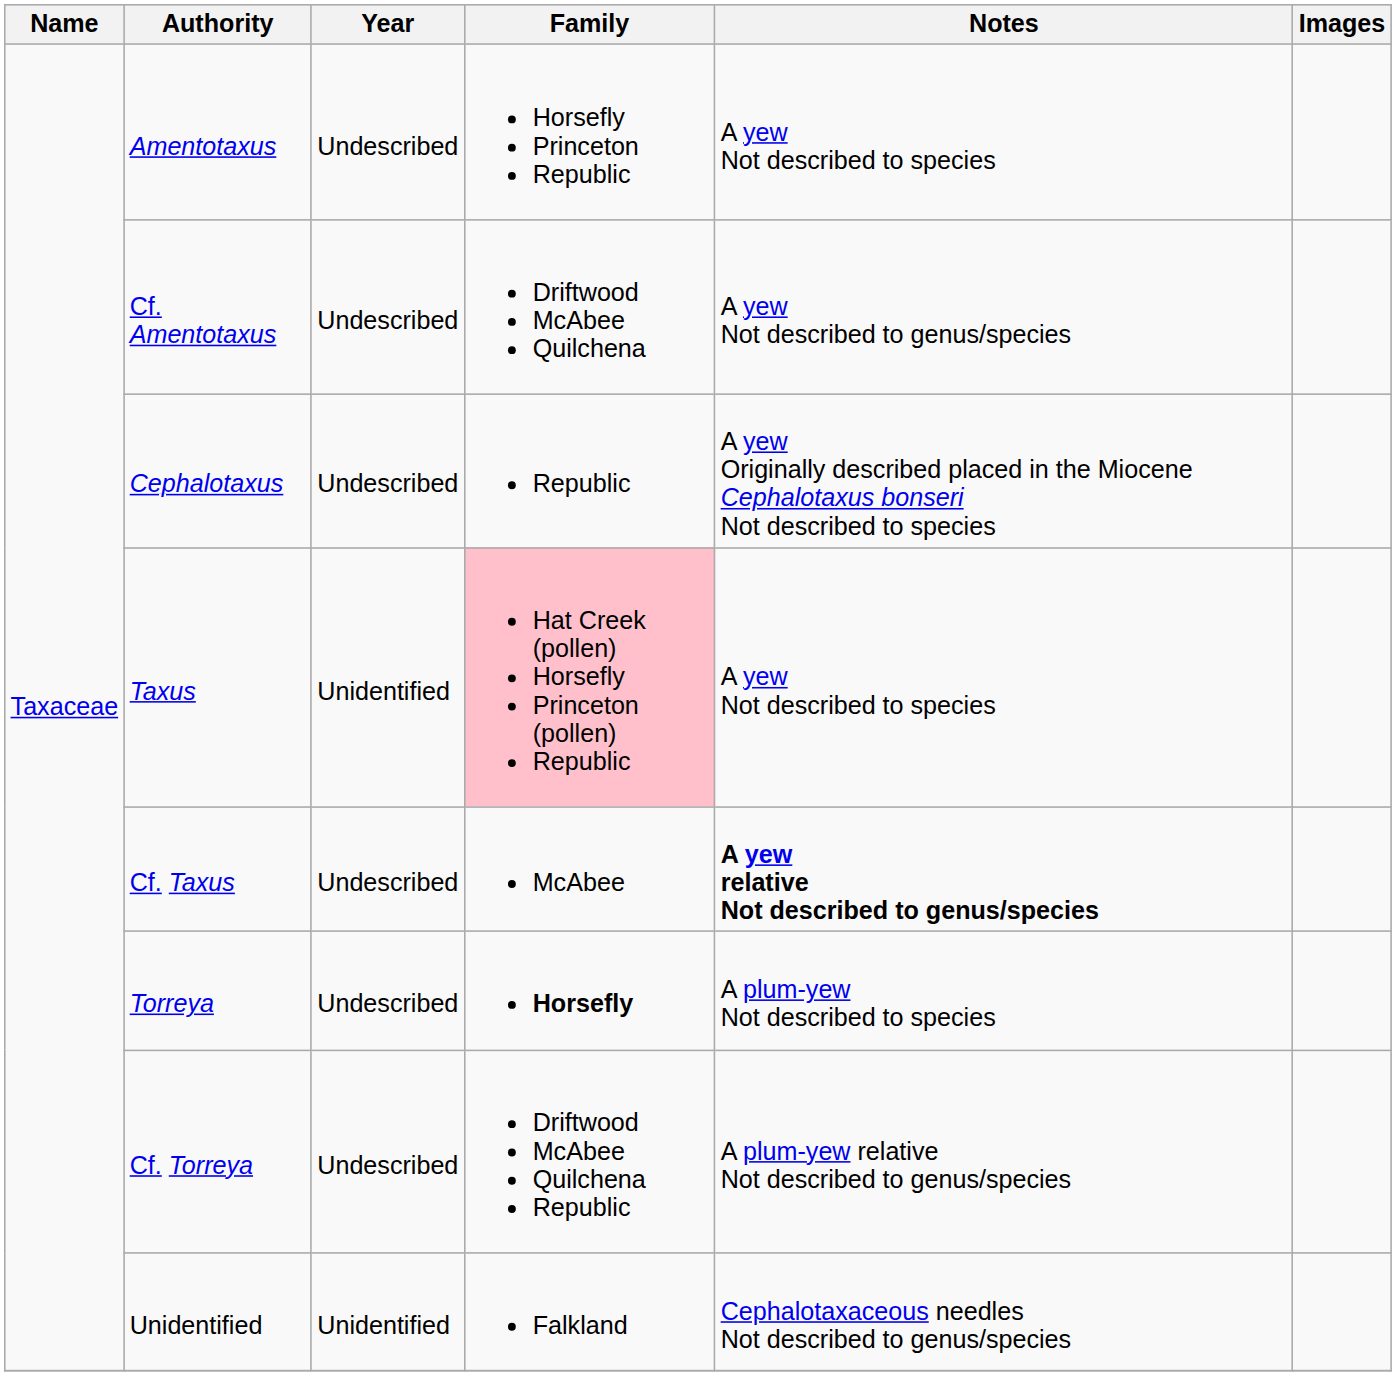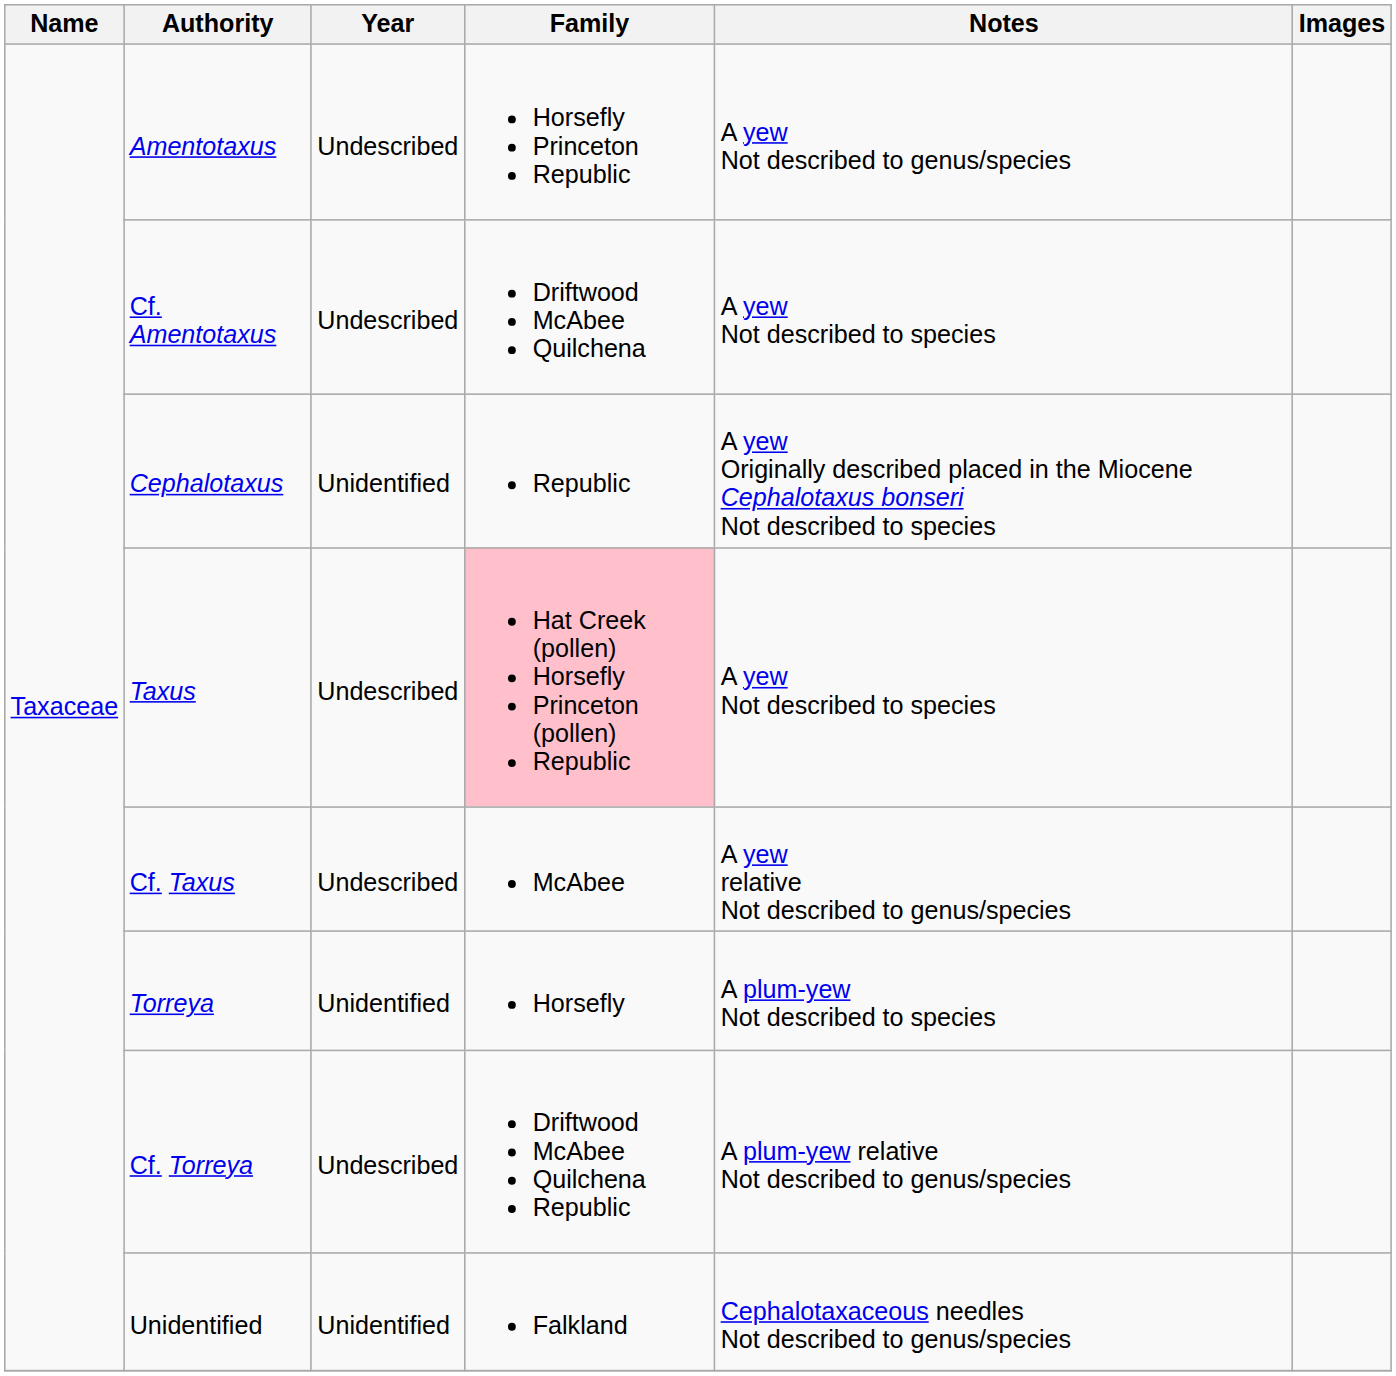 <table class="wikitable sortable"  style="margin:auto; width:100%;">
 <tr>
 <th>Name</th>
 <th>Authority</th>
 <th>Year</th>
 <th>Family</th>
 <th>Notes</th>
 <th>Images</th>
 </tr>
 <tr>
 <td rowspan=8><a href='#'>Taxaceae</a></td>
 <td><br><em><a href='#'>Amentotaxus</a></em></td>
 <td><br>Undescribed</td>
 <td><br><ul><li>Horsefly</li><li>Princeton</li><li>Republic</li></ul></td>
-<td><br>A <a href='#'>yew</a><br> Not described to species</td>
+<td><br>A <a href='#'>yew</a><br> Not described to genus/species</td>
 <td><br></td>
 </tr>
 <tr>
 <td><br><a href='#'>Cf.</a> <em><a href='#'>Amentotaxus</a></em></td>
 <td><br>Undescribed</td>
 <td><br><ul><li>Driftwood</li><li>McAbee</li><li>Quilchena</li></ul></td>
-<td><br>A <a href='#'>yew</a><br> Not described to genus/species</td>
+<td><br>A <a href='#'>yew</a><br> Not described to species</td>
 <td></td>
 </tr>
 <tr>
 <td><br><em><a href='#'>Cephalotaxus</a></em></td>
-<td><br>Undescribed</td>
+<td><br>Unidentified</td>
 <td><br><ul><li>Republic</li></ul></td>
 <td><br>A <a href='#'>yew</a><br>Originally described placed in the Miocene <em><a href='#'>Cephalotaxus bonseri</a></em><br> Not described to species</td>
 <td></td>
 </tr>
 <tr>
 <td><br><em><a href='#'>Taxus</a></em></td>
-<td><br>Unidentified</td>
+<td><br>Undescribed</td>
 <td style="background: pink;"><br><ul><li>Hat Creek (pollen)</li><li>Horsefly</li><li>Princeton (pollen)</li><li>Republic</li></ul></td>
 <td><br>A <a href='#'>yew</a><br>Not described to species</td>
 <td></td>
 </tr>
 <tr>
 <td><br><a href='#'>Cf.</a> <em><a href='#'>Taxus</a></em></td>
 <td><br>Undescribed</td>
 <td><br><ul><li>McAbee</li></ul></td>
-<td><strong><br>A <a href='#'>yew</a><br> relative<br> Not described to genus/species</strong></td>
+<td><br>A <a href='#'>yew</a><br> relative<br> Not described to genus/species</td>
 <td></td>
 </tr>
 <tr>
 <td><br><em><a href='#'>Torreya</a></em></td>
-<td><br>Undescribed</td>
-<td><strong><br><ul><li>Horsefly</li></ul></strong></td>
+<td><br>Unidentified</td>
+<td><br><ul><li>Horsefly</li></ul></td>
 <td><br>A <a href='#'>plum-yew</a><br>Not described to species</td>
 <td></td>
 </tr>
 <tr>
 <td><br><a href='#'>Cf.</a> <em><a href='#'>Torreya</a></em></td>
 <td><br>Undescribed</td>
 <td><br><ul><li>Driftwood</li><li>McAbee</li><li>Quilchena</li><li>Republic</li></ul></td>
 <td><br>A <a href='#'>plum-yew</a> relative<br> Not described to genus/species</td>
 <td></td>
 </tr>
 <tr>
 <td><br>Unidentified</td>
 <td><br>Unidentified</td>
 <td><br><ul><li>Falkland</li></ul></td>
 <td><br><a href='#'>Cephalotaxaceous</a> needles<br> Not described to genus/species</td>
 <td></td>
 </tr>
 <tr>
 </tr>
 </table>
